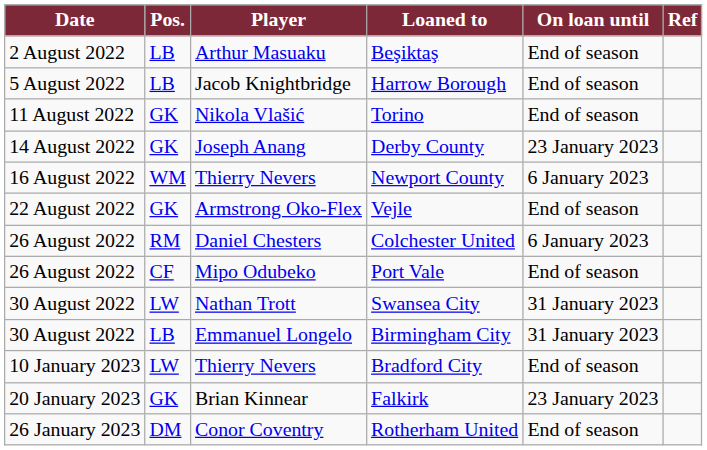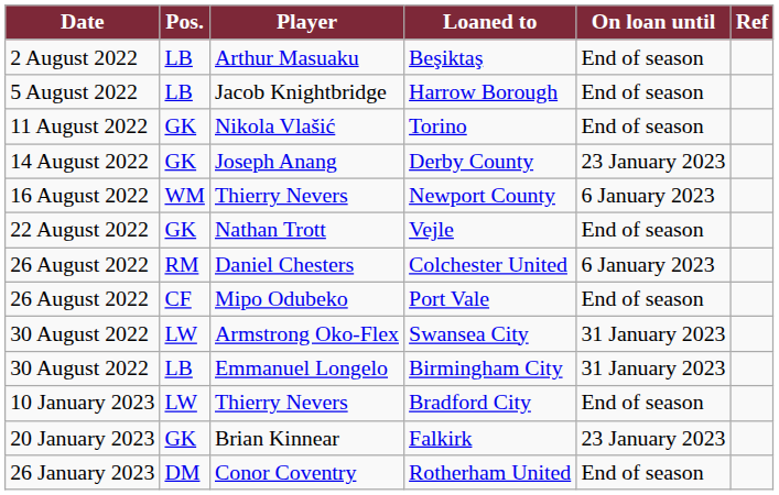 <table class="wikitable plainrowheaders sortable">
 <tr>
 <th style="background:#7D2838; color:#FFFFFF; ">Date</th>
 <th style="background:#7D2838; color:#FFFFFF; ">Pos.</th>
 <th style="background:#7D2838; color:#FFFFFF; ">Player</th>
 <th style="background:#7D2838; color:#FFFFFF; ">Loaned to</th>
 <th style="background:#7D2838; color:#FFFFFF; ">On loan until</th>
 <th style="background:#7D2838; color:#FFFFFF; ">Ref</th>
 </tr>
 <tr>
 <td>2 August 2022</td>
 <td><a href='#'>LB</a></td>
 <td> <a href='#'>Arthur Masuaku</a></td>
 <td> <a href='#'>Beşiktaş</a></td>
 <td>End of season</td>
 <td></td>
 </tr>
 <tr>
 <td>5 August 2022</td>
 <td><a href='#'>LB</a></td>
 <td> Jacob Knightbridge</td>
 <td> <a href='#'>Harrow Borough</a></td>
 <td>End of season</td>
 <td></td>
 </tr>
 <tr>
 <td>11 August 2022</td>
 <td><a href='#'>GK</a></td>
 <td> <a href='#'>Nikola Vlašić</a></td>
 <td> <a href='#'>Torino</a></td>
 <td>End of season</td>
 <td></td>
 </tr>
 <tr>
 <td>14 August 2022</td>
 <td><a href='#'>GK</a></td>
 <td> <a href='#'>Joseph Anang</a></td>
 <td> <a href='#'>Derby County</a></td>
 <td>23 January 2023</td>
 <td></td>
 </tr>
 <tr>
 <td>16 August 2022</td>
 <td><a href='#'>WM</a></td>
 <td> <a href='#'>Thierry Nevers</a></td>
 <td> <a href='#'>Newport County</a></td>
 <td>6 January 2023</td>
 <td></td>
 </tr>
 <tr>
 <td>22 August 2022</td>
 <td><a href='#'>GK</a></td>
-<td> <a href='#'>Armstrong Oko-Flex</a></td>
+<td> <a href='#'>Nathan Trott</a></td>
 <td> <a href='#'>Vejle</a></td>
 <td>End of season</td>
 <td></td>
 </tr>
 <tr>
 <td>26 August 2022</td>
 <td><a href='#'>RM</a></td>
 <td> <a href='#'>Daniel Chesters</a></td>
 <td> <a href='#'>Colchester United</a></td>
 <td>6 January 2023</td>
 <td></td>
 </tr>
 <tr>
 <td>26 August 2022</td>
 <td><a href='#'>CF</a></td>
 <td> <a href='#'>Mipo Odubeko</a></td>
 <td> <a href='#'>Port Vale</a></td>
 <td>End of season</td>
 <td></td>
 </tr>
 <tr>
 <td>30 August 2022</td>
 <td><a href='#'>LW</a></td>
-<td> <a href='#'>Nathan Trott</a></td>
+<td> <a href='#'>Armstrong Oko-Flex</a></td>
 <td> <a href='#'>Swansea City</a></td>
 <td>31 January 2023</td>
 <td></td>
 </tr>
 <tr>
 <td>30 August 2022</td>
 <td><a href='#'>LB</a></td>
 <td> <a href='#'>Emmanuel Longelo</a></td>
 <td> <a href='#'>Birmingham City</a></td>
 <td>31 January 2023</td>
 <td></td>
 </tr>
 <tr>
 <td>10 January 2023</td>
 <td><a href='#'>LW</a></td>
 <td> <a href='#'>Thierry Nevers</a></td>
 <td> <a href='#'>Bradford City</a></td>
 <td>End of season</td>
 <td></td>
 </tr>
 <tr>
 <td>20 January 2023</td>
 <td><a href='#'>GK</a></td>
 <td> Brian Kinnear</td>
 <td> <a href='#'>Falkirk</a></td>
 <td>23 January 2023</td>
 <td></td>
 </tr>
 <tr>
 <td>26 January 2023</td>
 <td><a href='#'>DM</a></td>
 <td> <a href='#'>Conor Coventry</a></td>
 <td> <a href='#'>Rotherham United</a></td>
 <td>End of season</td>
 <td></td>
 </tr>
 </table>
